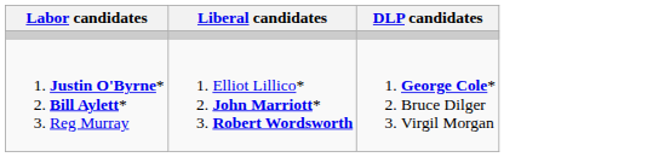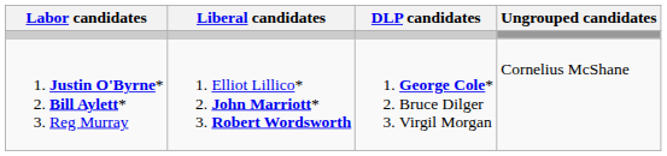 <table class="wikitable">
 <tr>
 <th><a href='#'>Labor</a> candidates</th>
 <th><a href='#'>Liberal</a> candidates</th>
 <th><a href='#'>DLP</a> candidates</th>
+<th>Ungrouped candidates</th>
 </tr>
 <tr bgcolor="#cccccc">
 <td></td>
 <td></td>
 <td></td>
+<td bgcolor="#999999"></td>
 </tr>
 <tr>
 <td><br><ol><li><strong><a href='#'>Justin O'Byrne</a></strong>*</li><li><strong><a href='#'>Bill Aylett</a></strong>*</li><li><a href='#'>Reg Murray</a></li></ol></td>
 <td><br><ol><li><a href='#'>Elliot Lillico</a>*</li><li><strong><a href='#'>John Marriott</a></strong>*</li><li><strong><a href='#'>Robert Wordsworth</a></strong></li></ol></td>
 <td><br><ol><li><strong><a href='#'>George Cole</a></strong>*</li><li>Bruce Dilger</li><li>Virgil Morgan</li></ol></td>
+<td valign=top><br>Cornelius McShane</td>
 </tr>
 </table>
